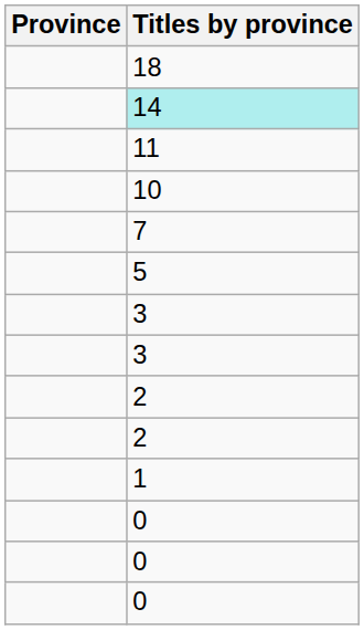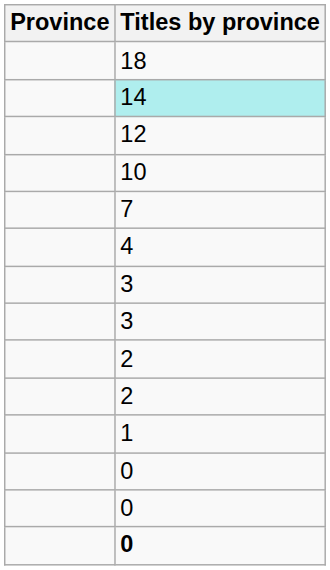 <table class="wikitable">
 <tr>
 <th>Province</th>
 <th>Titles by province</th>
 </tr>
 <tr>
 <td></td>
 <td>18</td>
 </tr>
 <tr>
 <td></td>
 <td style="background: paleturquoise;">14</td>
 </tr>
 <tr>
 <td></td>
-<td>11</td>
+<td>12</td>
 </tr>
 <tr>
 <td></td>
 <td>10</td>
 </tr>
 <tr>
 <td></td>
 <td>7</td>
 </tr>
 <tr>
 <td></td>
-<td>5</td>
+<td>4</td>
 </tr>
 <tr>
 <td></td>
 <td>3</td>
 </tr>
 <tr>
 <td></td>
 <td>3</td>
 </tr>
 <tr>
 <td></td>
 <td>2</td>
 </tr>
 <tr>
 <td></td>
 <td>2</td>
 </tr>
 <tr>
 <td></td>
 <td>1</td>
 </tr>
 <tr>
 <td></td>
 <td>0</td>
 </tr>
 <tr>
 <td></td>
 <td>0</td>
 </tr>
 <tr>
 <td></td>
-<td>0</td>
+<td><strong>0</strong></td>
 </tr>
 </table>
